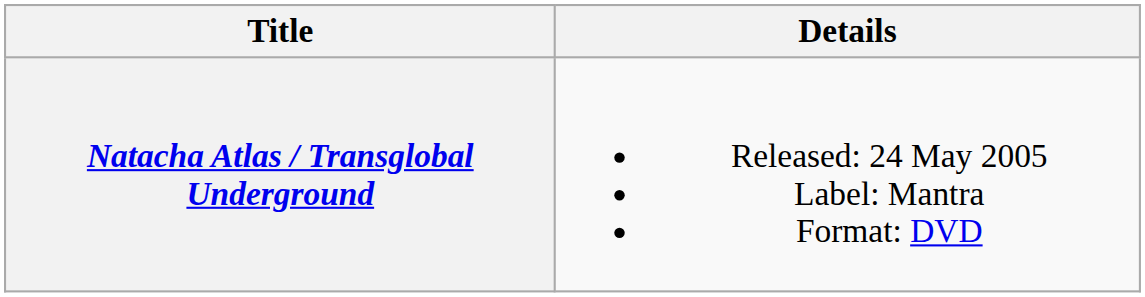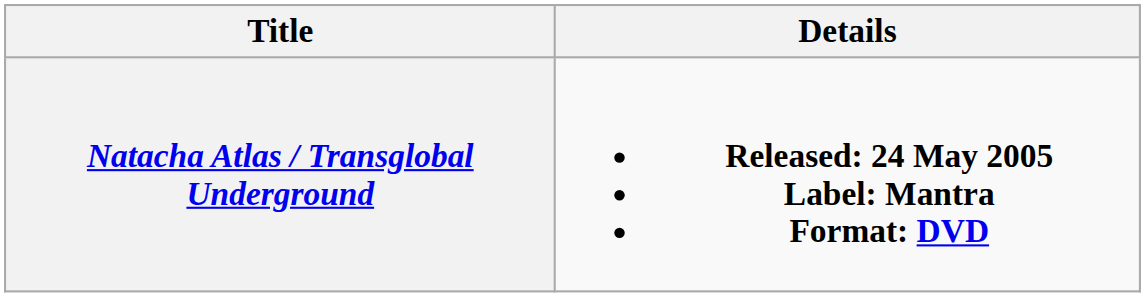 <table class="wikitable plainrowheaders" style="text-align:center;">
 <tr>
 <th scope="col" style="width:16em;">Title</th>
 <th scope="col" style="width:17em;">Details</th>
 </tr>
 <tr>
 <th scope="row"><em><a href='#'>Natacha Atlas / Transglobal Underground</a></em></th>
-<td><br><ul><li>Released: 24 May 2005 </li><li>Label: Mantra </li><li>Format: <a href='#'>DVD</a></li></ul></td>
+<td><strong><br><ul><li>Released: 24 May 2005 </li><li>Label: Mantra </li><li>Format: <a href='#'>DVD</a></li></ul></strong></td>
 </tr>
 </table>
